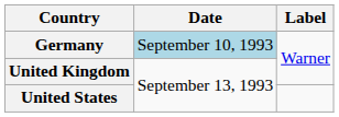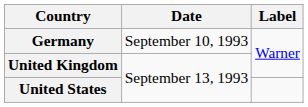 <table class="wikitable plainrowheaders">
 <tr>
 <th scope="col">Country</th>
 <th scope="col">Date</th>
 <th scope="col">Label</th>
 </tr>
 <tr>
 <th scope="row">Germany</th>
-<td style="background: lightblue;">September 10, 1993</td>
+<td>September 10, 1993</td>
 <td rowspan="2"><a href='#'>Warner</a></td>
 </tr>
 <tr>
 <th scope="row">United Kingdom</th>
 <td rowspan="2">September 13, 1993</td>
 </tr>
 <tr>
 <th scope="row">United States</th>
 <td></td>
 </tr>
 </table>
